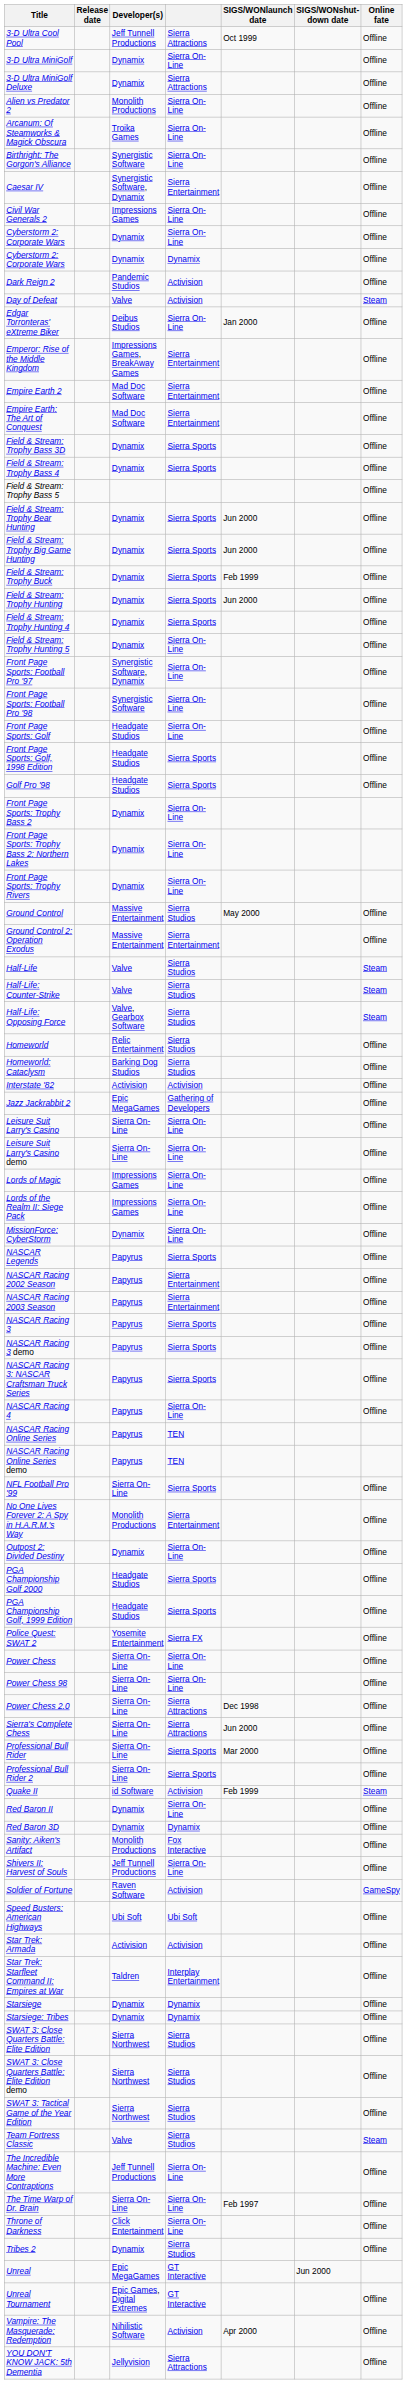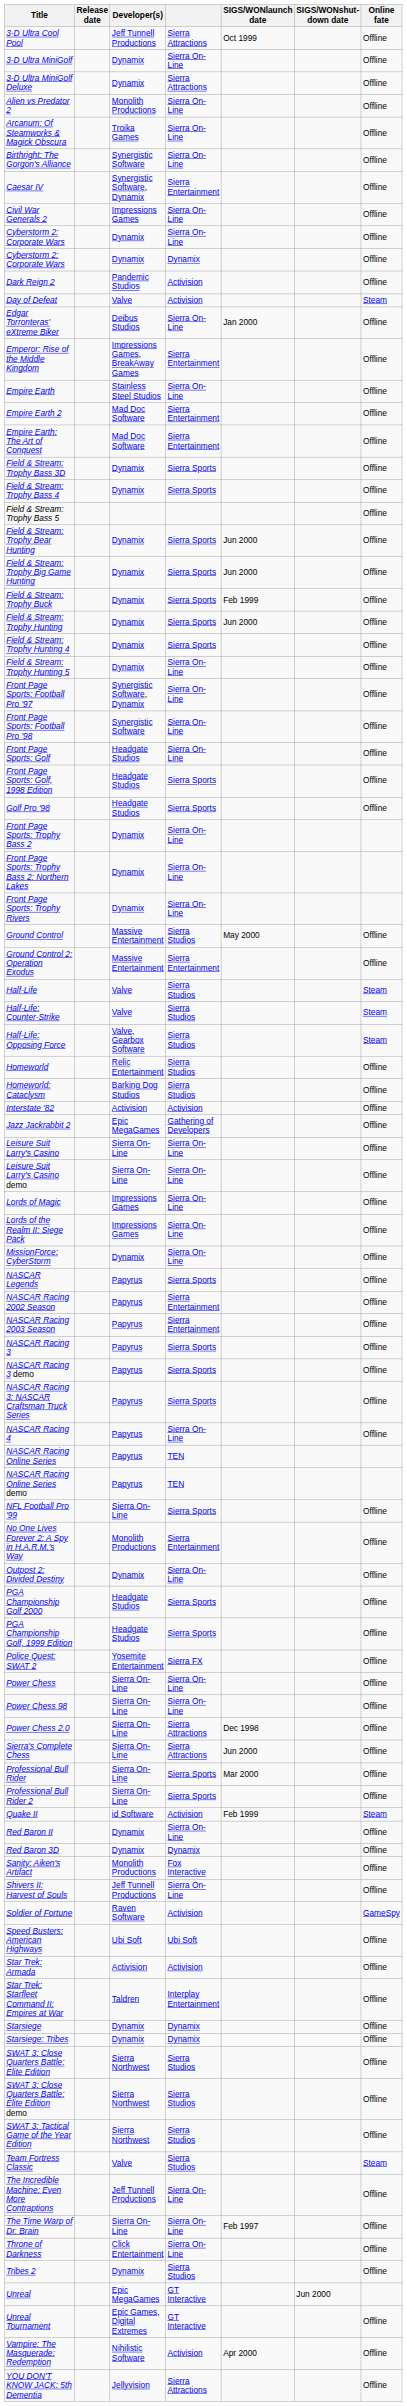 <table class="wikitable sortable">
 <tr>
 <th scope=col style=min-width:8em>Title</th>
 <th scope=col>Release date</th>
 <th scope=col>Developer(s)</th>
 <th scope=col></th>
 <th scope=col>SIGS/WONlaunch date</th>
 <th scope=col>SIGS/WONshut-down date</th>
 <th scope=col>Online fate</th>
 </tr>
 <tr>
 <td><em><a href='#'>3-D Ultra Cool Pool</a></em></td>
 <td></td>
 <td><a href='#'>Jeff Tunnell Productions</a></td>
 <td><a href='#'>Sierra Attractions</a></td>
 <td>Oct 1999</td>
 <td></td>
 <td>Offline</td>
 </tr>
 <tr>
 <td><em><a href='#'>3-D Ultra MiniGolf</a></em></td>
 <td></td>
 <td><a href='#'>Dynamix</a></td>
 <td><a href='#'>Sierra On-Line </a></td>
 <td></td>
 <td></td>
 <td>Offline</td>
 </tr>
 <tr>
 <td><em><a href='#'>3-D Ultra MiniGolf Deluxe</a></em></td>
 <td></td>
 <td><a href='#'>Dynamix</a></td>
 <td><a href='#'>Sierra Attractions</a></td>
 <td></td>
 <td></td>
 <td>Offline</td>
 </tr>
 <tr>
 <td><em><a href='#'>Alien vs Predator 2</a></em></td>
 <td></td>
 <td><a href='#'>Monolith Productions</a></td>
 <td><a href='#'>Sierra On-Line </a></td>
 <td></td>
 <td></td>
 <td>Offline</td>
 </tr>
 <tr>
 <td><em><a href='#'>Arcanum: Of Steamworks & Magick Obscura</a></em></td>
 <td></td>
 <td><a href='#'>Troika Games</a></td>
 <td><a href='#'>Sierra On-Line </a></td>
 <td></td>
 <td></td>
 <td>Offline</td>
 </tr>
 <tr>
 <td><em><a href='#'>Birthright: The Gorgon's Alliance</a></em></td>
 <td></td>
 <td><a href='#'>Synergistic Software</a></td>
 <td><a href='#'>Sierra On-Line </a></td>
 <td></td>
 <td></td>
 <td>Offline</td>
 </tr>
 <tr>
 <td><em><a href='#'>Caesar IV</a></em></td>
 <td></td>
 <td><a href='#'>Synergistic Software</a>, <a href='#'>Dynamix</a></td>
 <td><a href='#'>Sierra Entertainment</a></td>
 <td></td>
 <td></td>
 <td>Offline</td>
 </tr>
 <tr>
 <td><em><a href='#'>Civil War Generals 2</a></em></td>
 <td></td>
 <td><a href='#'>Impressions Games</a></td>
 <td><a href='#'>Sierra On-Line </a></td>
 <td></td>
 <td></td>
 <td>Offline</td>
 </tr>
 <tr>
 <td><em><a href='#'>Cyberstorm 2: Corporate Wars</a></em></td>
 <td></td>
 <td><a href='#'>Dynamix</a></td>
 <td><a href='#'>Sierra On-Line </a></td>
 <td></td>
 <td></td>
 <td>Offline</td>
 </tr>
 <tr>
 <td><em><a href='#'>Cyberstorm 2: Corporate Wars</a></em></td>
 <td></td>
 <td><a href='#'>Dynamix</a></td>
 <td><a href='#'>Dynamix</a></td>
 <td></td>
 <td></td>
 <td>Offline</td>
 </tr>
 <tr>
 <td><em><a href='#'>Dark Reign 2</a></em></td>
 <td></td>
 <td><a href='#'>Pandemic Studios</a></td>
 <td><a href='#'>Activision</a></td>
 <td></td>
 <td></td>
 <td>Offline</td>
 </tr>
 <tr>
 <td><em><a href='#'>Day of Defeat</a></em></td>
 <td></td>
 <td><a href='#'>Valve</a></td>
 <td><a href='#'>Activision</a></td>
 <td></td>
 <td></td>
 <td><a href='#'>Steam</a></td>
 </tr>
 <tr>
 <td><em><a href='#'>Edgar Torronteras' eXtreme Biker</a></em></td>
 <td></td>
 <td><a href='#'>Deibus Studios</a></td>
 <td><a href='#'>Sierra On-Line </a></td>
 <td>Jan 2000</td>
 <td></td>
 <td>Offline</td>
 </tr>
 <tr>
 <td><em><a href='#'>Emperor: Rise of the Middle Kingdom</a></em></td>
 <td></td>
 <td><a href='#'>Impressions Games</a>, <a href='#'>BreakAway Games</a></td>
 <td><a href='#'>Sierra Entertainment</a></td>
+<td></td>
+<td></td>
+<td>Offline</td>
+</tr>
+<tr>
+<td><em><a href='#'>Empire Earth</a></em></td>
+<td></td>
+<td><a href='#'>Stainless Steel Studios</a></td>
+<td><a href='#'>Sierra On-Line </a></td>
 <td></td>
 <td></td>
 <td>Offline</td>
 </tr>
 <tr>
 <td><em><a href='#'>Empire Earth 2</a></em></td>
 <td></td>
 <td><a href='#'>Mad Doc Software</a></td>
 <td><a href='#'>Sierra Entertainment</a></td>
 <td></td>
 <td></td>
 <td>Offline</td>
 </tr>
 <tr>
 <td><em><a href='#'>Empire Earth: The Art of Conquest</a></em></td>
 <td></td>
 <td><a href='#'>Mad Doc Software</a></td>
 <td><a href='#'>Sierra Entertainment</a></td>
 <td></td>
 <td></td>
 <td>Offline</td>
 </tr>
 <tr>
 <td><em><a href='#'>Field & Stream: Trophy Bass 3D</a></em></td>
 <td></td>
 <td><a href='#'>Dynamix</a></td>
 <td><a href='#'>Sierra Sports</a></td>
 <td></td>
 <td></td>
 <td>Offline</td>
 </tr>
 <tr>
 <td><em><a href='#'>Field & Stream: Trophy Bass 4</a></em></td>
 <td></td>
 <td><a href='#'>Dynamix</a></td>
 <td><a href='#'>Sierra Sports</a></td>
 <td></td>
 <td></td>
 <td>Offline</td>
 </tr>
 <tr>
 <td><em>Field & Stream: Trophy Bass 5</em></td>
 <td></td>
 <td></td>
 <td></td>
 <td></td>
 <td></td>
 <td>Offline</td>
 </tr>
 <tr>
 <td><em><a href='#'>Field & Stream: Trophy Bear Hunting</a></em></td>
 <td></td>
 <td><a href='#'>Dynamix</a></td>
 <td><a href='#'>Sierra Sports</a></td>
 <td>Jun 2000</td>
 <td></td>
 <td>Offline</td>
 </tr>
 <tr>
 <td><em><a href='#'>Field & Stream: Trophy Big Game Hunting</a></em></td>
 <td></td>
 <td><a href='#'>Dynamix</a></td>
 <td><a href='#'>Sierra Sports</a></td>
 <td>Jun 2000</td>
 <td></td>
 <td>Offline</td>
 </tr>
 <tr>
 <td><em><a href='#'>Field & Stream: Trophy Buck</a></em></td>
 <td></td>
 <td><a href='#'>Dynamix</a></td>
 <td><a href='#'>Sierra Sports</a></td>
 <td>Feb 1999</td>
 <td></td>
 <td>Offline</td>
 </tr>
 <tr>
 <td><em><a href='#'>Field & Stream: Trophy Hunting</a></em></td>
 <td></td>
 <td><a href='#'>Dynamix</a></td>
 <td><a href='#'>Sierra Sports</a></td>
 <td>Jun 2000</td>
 <td></td>
 <td>Offline</td>
 </tr>
 <tr>
 <td><em><a href='#'>Field & Stream: Trophy Hunting 4</a></em></td>
 <td></td>
 <td><a href='#'>Dynamix</a></td>
 <td><a href='#'>Sierra Sports</a></td>
 <td></td>
 <td></td>
 <td>Offline</td>
 </tr>
 <tr>
 <td><em><a href='#'>Field & Stream: Trophy Hunting 5</a></em></td>
 <td></td>
 <td><a href='#'>Dynamix</a></td>
 <td><a href='#'>Sierra On-Line </a></td>
 <td></td>
 <td></td>
 <td>Offline</td>
 </tr>
 <tr>
 <td><em><a href='#'>Front Page Sports: Football Pro '97</a></em></td>
 <td></td>
 <td><a href='#'>Synergistic Software</a>, <a href='#'>Dynamix</a></td>
 <td><a href='#'>Sierra On-Line </a></td>
 <td></td>
 <td></td>
 <td>Offline</td>
 </tr>
 <tr>
 <td><em><a href='#'>Front Page Sports: Football Pro '98</a></em></td>
 <td></td>
 <td><a href='#'>Synergistic Software</a></td>
 <td><a href='#'>Sierra On-Line </a></td>
 <td></td>
 <td></td>
 <td>Offline</td>
 </tr>
 <tr>
 <td><em><a href='#'>Front Page Sports: Golf</a></em></td>
 <td></td>
 <td><a href='#'>Headgate Studios</a></td>
 <td><a href='#'>Sierra On-Line </a></td>
 <td></td>
 <td></td>
 <td>Offline</td>
 </tr>
 <tr>
 <td><em><a href='#'>Front Page Sports: Golf, 1998 Edition</a></em></td>
 <td></td>
 <td><a href='#'>Headgate Studios</a></td>
 <td><a href='#'>Sierra Sports</a></td>
 <td></td>
 <td></td>
 <td>Offline</td>
 </tr>
 <tr>
 <td><em><a href='#'>Golf Pro '98</a></em></td>
 <td></td>
 <td><a href='#'>Headgate Studios</a></td>
 <td><a href='#'>Sierra Sports</a></td>
 <td></td>
 <td></td>
 <td>Offline</td>
 </tr>
 <tr>
 <td><em><a href='#'>Front Page Sports: Trophy Bass 2</a></em></td>
 <td></td>
 <td><a href='#'>Dynamix</a></td>
 <td><a href='#'>Sierra On-Line </a></td>
 <td></td>
 <td></td>
 <td></td>
 </tr>
 <tr>
 <td><em><a href='#'>Front Page Sports: Trophy Bass 2: Northern Lakes</a></em></td>
 <td></td>
 <td><a href='#'>Dynamix</a></td>
 <td><a href='#'>Sierra On-Line </a></td>
 <td></td>
 <td></td>
 <td></td>
 </tr>
 <tr>
 <td><em><a href='#'>Front Page Sports: Trophy Rivers</a></em></td>
 <td></td>
 <td><a href='#'>Dynamix</a></td>
 <td><a href='#'>Sierra On-Line </a></td>
 <td></td>
 <td></td>
 <td></td>
 </tr>
 <tr>
 <td><em><a href='#'>Ground Control</a></em></td>
 <td></td>
 <td><a href='#'>Massive Entertainment</a></td>
 <td><a href='#'>Sierra Studios</a></td>
 <td>May 2000</td>
 <td></td>
 <td>Offline</td>
 </tr>
 <tr>
 <td><em><a href='#'>Ground Control 2: Operation Exodus</a></em></td>
 <td></td>
 <td><a href='#'>Massive Entertainment</a></td>
 <td><a href='#'>Sierra Entertainment</a></td>
 <td></td>
 <td></td>
 <td>Offline</td>
 </tr>
 <tr>
 <td><em><a href='#'>Half-Life</a></em></td>
 <td></td>
 <td><a href='#'>Valve</a></td>
 <td><a href='#'>Sierra Studios</a></td>
 <td></td>
 <td></td>
 <td><a href='#'>Steam</a></td>
 </tr>
 <tr>
 <td><em><a href='#'>Half-Life: Counter-Strike</a></em></td>
 <td></td>
 <td><a href='#'>Valve</a></td>
 <td><a href='#'>Sierra Studios</a></td>
 <td></td>
 <td></td>
 <td><a href='#'>Steam</a></td>
 </tr>
 <tr>
 <td><em><a href='#'>Half-Life: Opposing Force</a></em></td>
 <td></td>
 <td><a href='#'>Valve</a>, <a href='#'>Gearbox Software</a></td>
 <td><a href='#'>Sierra Studios</a></td>
 <td></td>
 <td></td>
 <td><a href='#'>Steam</a></td>
 </tr>
 <tr>
 <td><em><a href='#'>Homeworld</a></em></td>
 <td></td>
 <td><a href='#'>Relic Entertainment</a></td>
 <td><a href='#'>Sierra Studios</a></td>
 <td></td>
 <td></td>
 <td>Offline</td>
 </tr>
 <tr>
 <td><em><a href='#'>Homeworld: Cataclysm</a></em></td>
 <td></td>
 <td><a href='#'>Barking Dog Studios</a></td>
 <td><a href='#'>Sierra Studios</a></td>
 <td></td>
 <td></td>
 <td>Offline</td>
 </tr>
 <tr>
 <td><em><a href='#'>Interstate '82</a></em></td>
 <td></td>
 <td><a href='#'>Activision</a></td>
 <td><a href='#'>Activision</a></td>
 <td></td>
 <td></td>
 <td>Offline</td>
 </tr>
 <tr>
 <td><em><a href='#'>Jazz Jackrabbit 2</a></em></td>
 <td></td>
 <td><a href='#'>Epic MegaGames</a></td>
 <td><a href='#'>Gathering of Developers</a></td>
 <td></td>
 <td></td>
 <td>Offline</td>
 </tr>
 <tr>
 <td><em><a href='#'>Leisure Suit Larry's Casino</a></em></td>
 <td></td>
 <td><a href='#'>Sierra On-Line </a></td>
 <td><a href='#'>Sierra On-Line </a></td>
 <td></td>
 <td></td>
 <td>Offline</td>
 </tr>
 <tr>
 <td><em><a href='#'>Leisure Suit Larry's Casino</a></em> demo</td>
 <td></td>
 <td><a href='#'>Sierra On-Line </a></td>
 <td><a href='#'>Sierra On-Line </a></td>
 <td></td>
 <td></td>
 <td>Offline</td>
 </tr>
 <tr>
 <td><em><a href='#'>Lords of Magic</a></em></td>
 <td></td>
 <td><a href='#'>Impressions Games</a></td>
 <td><a href='#'>Sierra On-Line </a></td>
 <td></td>
 <td></td>
 <td>Offline</td>
 </tr>
 <tr>
 <td><em><a href='#'>Lords of the Realm II: Siege Pack</a></em></td>
 <td></td>
 <td><a href='#'>Impressions Games</a></td>
 <td><a href='#'>Sierra On-Line </a></td>
 <td></td>
 <td></td>
 <td>Offline</td>
 </tr>
 <tr>
 <td><em><a href='#'>MissionForce: CyberStorm</a></em></td>
 <td></td>
 <td><a href='#'>Dynamix</a></td>
 <td><a href='#'>Sierra On-Line </a></td>
 <td></td>
 <td></td>
 <td>Offline</td>
 </tr>
 <tr>
 <td><em><a href='#'>NASCAR Legends</a></em></td>
 <td></td>
 <td><a href='#'>Papyrus</a></td>
 <td><a href='#'>Sierra Sports</a></td>
 <td></td>
 <td></td>
 <td>Offline</td>
 </tr>
 <tr>
 <td><em><a href='#'>NASCAR Racing 2002 Season</a></em></td>
 <td></td>
 <td><a href='#'>Papyrus</a></td>
 <td><a href='#'>Sierra Entertainment</a></td>
 <td></td>
 <td></td>
 <td>Offline</td>
 </tr>
 <tr>
 <td><em><a href='#'>NASCAR Racing 2003 Season</a></em></td>
 <td></td>
 <td><a href='#'>Papyrus</a></td>
 <td><a href='#'>Sierra Entertainment</a></td>
 <td></td>
 <td></td>
 <td>Offline</td>
 </tr>
 <tr>
 <td><em><a href='#'>NASCAR Racing 3</a></em></td>
 <td></td>
 <td><a href='#'>Papyrus</a></td>
 <td><a href='#'>Sierra Sports</a></td>
 <td></td>
 <td></td>
 <td>Offline</td>
 </tr>
 <tr>
 <td><em><a href='#'>NASCAR Racing 3</a></em> demo</td>
 <td></td>
 <td><a href='#'>Papyrus</a></td>
 <td><a href='#'>Sierra Sports</a></td>
 <td></td>
 <td></td>
 <td>Offline</td>
 </tr>
 <tr>
 <td><em><a href='#'>NASCAR Racing 3: NASCAR Craftsman Truck Series</a></em></td>
 <td></td>
 <td><a href='#'>Papyrus</a></td>
 <td><a href='#'>Sierra Sports</a></td>
 <td></td>
 <td></td>
 <td>Offline</td>
 </tr>
 <tr>
 <td><em><a href='#'>NASCAR Racing 4</a></em></td>
 <td></td>
 <td><a href='#'>Papyrus</a></td>
 <td><a href='#'>Sierra On-Line </a></td>
 <td></td>
 <td></td>
 <td>Offline</td>
 </tr>
 <tr>
 <td><em><a href='#'>NASCAR Racing Online Series</a></em></td>
 <td></td>
 <td><a href='#'>Papyrus</a></td>
 <td><a href='#'>TEN</a></td>
 <td></td>
 <td></td>
 <td></td>
 </tr>
 <tr>
 <td><em><a href='#'>NASCAR Racing Online Series</a></em> demo</td>
 <td></td>
 <td><a href='#'>Papyrus</a></td>
 <td><a href='#'>TEN</a></td>
 <td></td>
 <td></td>
 <td></td>
 </tr>
 <tr>
 <td><em><a href='#'>NFL Football Pro '99</a></em></td>
 <td></td>
 <td><a href='#'>Sierra On-Line </a></td>
 <td><a href='#'>Sierra Sports</a></td>
 <td></td>
 <td></td>
 <td>Offline</td>
 </tr>
 <tr>
 <td><em><a href='#'>No One Lives Forever 2: A Spy in H.A.R.M.'s Way</a></em></td>
 <td></td>
 <td><a href='#'>Monolith Productions</a></td>
 <td><a href='#'>Sierra Entertainment</a></td>
 <td></td>
 <td></td>
 <td>Offline</td>
 </tr>
 <tr>
 <td><em><a href='#'>Outpost 2: Divided Destiny</a></em></td>
 <td></td>
 <td><a href='#'>Dynamix</a></td>
 <td><a href='#'>Sierra On-Line </a></td>
 <td></td>
 <td></td>
 <td>Offline</td>
 </tr>
 <tr>
 <td><em><a href='#'>PGA Championship Golf 2000</a></em></td>
 <td></td>
 <td><a href='#'>Headgate Studios</a></td>
 <td><a href='#'>Sierra Sports</a></td>
 <td></td>
 <td></td>
 <td>Offline</td>
 </tr>
 <tr>
 <td><em><a href='#'>PGA Championship Golf, 1999 Edition</a></em></td>
 <td></td>
 <td><a href='#'>Headgate Studios</a></td>
 <td><a href='#'>Sierra Sports</a></td>
 <td></td>
 <td></td>
 <td>Offline</td>
 </tr>
 <tr>
 <td><em><a href='#'>Police Quest: SWAT 2</a></em></td>
 <td></td>
 <td><a href='#'>Yosemite Entertainment</a></td>
 <td><a href='#'>Sierra FX</a></td>
 <td></td>
 <td></td>
 <td>Offline</td>
 </tr>
 <tr>
 <td><em><a href='#'>Power Chess</a></em></td>
 <td></td>
 <td><a href='#'>Sierra On-Line </a></td>
 <td><a href='#'>Sierra On-Line </a></td>
 <td></td>
 <td></td>
 <td>Offline</td>
 </tr>
 <tr>
 <td><em><a href='#'>Power Chess 98</a></em></td>
 <td></td>
 <td><a href='#'>Sierra On-Line </a></td>
 <td><a href='#'>Sierra On-Line </a></td>
 <td></td>
 <td></td>
 <td>Offline</td>
 </tr>
 <tr>
 <td><em><a href='#'>Power Chess 2.0</a></em></td>
 <td></td>
 <td><a href='#'>Sierra On-Line </a></td>
 <td><a href='#'>Sierra Attractions</a></td>
 <td>Dec 1998</td>
 <td></td>
 <td>Offline</td>
 </tr>
 <tr>
 <td><em><a href='#'>Sierra's Complete Chess</a></em></td>
 <td></td>
 <td><a href='#'>Sierra On-Line </a></td>
 <td><a href='#'>Sierra Attractions</a></td>
 <td>Jun 2000</td>
 <td></td>
 <td>Offline</td>
 </tr>
 <tr>
 <td><em><a href='#'>Professional Bull Rider</a></em></td>
 <td></td>
 <td><a href='#'>Sierra On-Line </a></td>
 <td><a href='#'>Sierra Sports</a></td>
 <td>Mar 2000</td>
 <td></td>
 <td>Offline</td>
 </tr>
 <tr>
 <td><em><a href='#'>Professional Bull Rider 2</a></em></td>
 <td></td>
 <td><a href='#'>Sierra On-Line </a></td>
 <td><a href='#'>Sierra Sports</a></td>
 <td></td>
 <td></td>
 <td>Offline</td>
 </tr>
 <tr>
 <td><em><a href='#'>Quake II</a></em></td>
 <td></td>
 <td><a href='#'>id Software</a></td>
 <td><a href='#'>Activision</a></td>
 <td>Feb 1999</td>
 <td></td>
 <td><a href='#'>Steam</a></td>
 </tr>
 <tr>
 <td><em><a href='#'>Red Baron II</a></em></td>
 <td></td>
 <td><a href='#'>Dynamix</a></td>
 <td><a href='#'>Sierra On-Line </a></td>
 <td></td>
 <td></td>
 <td>Offline</td>
 </tr>
 <tr>
 <td><em><a href='#'>Red Baron 3D</a></em></td>
 <td></td>
 <td><a href='#'>Dynamix</a></td>
 <td><a href='#'>Dynamix</a></td>
 <td></td>
 <td></td>
 <td>Offline</td>
 </tr>
 <tr>
 <td><em><a href='#'>Sanity: Aiken's Artifact</a></em></td>
 <td></td>
 <td><a href='#'>Monolith Productions</a></td>
 <td><a href='#'>Fox Interactive</a></td>
 <td></td>
 <td></td>
 <td>Offline</td>
 </tr>
 <tr>
 <td><em><a href='#'>Shivers II: Harvest of Souls</a></em></td>
 <td></td>
 <td><a href='#'>Jeff Tunnell Productions</a></td>
 <td><a href='#'>Sierra On-Line </a></td>
 <td></td>
 <td></td>
 <td>Offline</td>
 </tr>
 <tr>
 <td><em><a href='#'>Soldier of Fortune</a></em></td>
 <td></td>
 <td><a href='#'>Raven Software</a></td>
 <td><a href='#'>Activision</a></td>
 <td></td>
 <td></td>
 <td><a href='#'>GameSpy</a></td>
 </tr>
 <tr>
 <td><em><a href='#'>Speed Busters: American Highways</a></em></td>
 <td></td>
 <td><a href='#'>Ubi Soft</a></td>
 <td><a href='#'>Ubi Soft</a></td>
 <td></td>
 <td></td>
 <td>Offline</td>
 </tr>
 <tr>
 <td><em><a href='#'>Star Trek: Armada</a></em></td>
 <td></td>
 <td><a href='#'>Activision</a></td>
 <td><a href='#'>Activision</a></td>
 <td></td>
 <td></td>
 <td>Offline</td>
 </tr>
 <tr>
 <td><em><a href='#'>Star Trek: Starfleet Command II: Empires at War</a></em></td>
 <td></td>
 <td><a href='#'>Taldren</a></td>
 <td><a href='#'>Interplay Entertainment</a></td>
 <td></td>
 <td></td>
 <td>Offline</td>
 </tr>
 <tr>
 <td><em><a href='#'>Starsiege</a></em></td>
 <td></td>
 <td><a href='#'>Dynamix</a></td>
 <td><a href='#'>Dynamix</a></td>
 <td></td>
 <td></td>
 <td>Offline</td>
 </tr>
 <tr>
 <td><em><a href='#'>Starsiege: Tribes</a></em></td>
 <td></td>
 <td><a href='#'>Dynamix</a></td>
 <td><a href='#'>Dynamix</a></td>
 <td></td>
 <td></td>
 <td>Offline</td>
 </tr>
 <tr>
 <td><em><a href='#'>SWAT 3: Close Quarters Battle: Elite Edition</a></em></td>
 <td></td>
 <td><a href='#'>Sierra Northwest</a></td>
 <td><a href='#'>Sierra Studios</a></td>
 <td></td>
 <td></td>
 <td>Offline</td>
 </tr>
 <tr>
 <td><em><a href='#'>SWAT 3: Close Quarters Battle: Elite Edition</a></em> demo</td>
 <td></td>
 <td><a href='#'>Sierra Northwest</a></td>
 <td><a href='#'>Sierra Studios</a></td>
 <td></td>
 <td></td>
 <td>Offline</td>
 </tr>
 <tr>
 <td><em><a href='#'>SWAT 3: Tactical Game of the Year Edition</a></em></td>
 <td></td>
 <td><a href='#'>Sierra Northwest</a></td>
 <td><a href='#'>Sierra Studios</a></td>
 <td></td>
 <td></td>
 <td>Offline</td>
 </tr>
 <tr>
 <td><em><a href='#'>Team Fortress Classic</a></em></td>
 <td></td>
 <td><a href='#'>Valve</a></td>
 <td><a href='#'>Sierra Studios</a></td>
 <td></td>
 <td></td>
 <td><a href='#'>Steam</a></td>
 </tr>
 <tr>
 <td><em><a href='#'>The Incredible Machine: Even More Contraptions</a></em></td>
 <td></td>
 <td><a href='#'>Jeff Tunnell Productions</a></td>
 <td><a href='#'>Sierra On-Line </a></td>
 <td></td>
 <td></td>
 <td>Offline</td>
 </tr>
 <tr>
 <td><em><a href='#'>The Time Warp of Dr. Brain</a></em></td>
 <td></td>
 <td><a href='#'>Sierra On-Line </a></td>
 <td><a href='#'>Sierra On-Line </a></td>
 <td>Feb 1997</td>
 <td></td>
 <td>Offline</td>
 </tr>
 <tr>
 <td><em><a href='#'>Throne of Darkness</a></em></td>
 <td></td>
 <td><a href='#'>Click Entertainment</a></td>
 <td><a href='#'>Sierra On-Line </a></td>
 <td></td>
 <td></td>
 <td>Offline</td>
 </tr>
 <tr>
 <td><em><a href='#'>Tribes 2</a></em></td>
 <td></td>
 <td><a href='#'>Dynamix</a></td>
 <td><a href='#'>Sierra Studios</a></td>
 <td></td>
 <td></td>
 <td>Offline</td>
 </tr>
 <tr>
 <td><em><a href='#'>Unreal</a></em></td>
 <td></td>
 <td><a href='#'>Epic MegaGames</a></td>
 <td><a href='#'>GT Interactive</a></td>
 <td></td>
 <td>Jun 2000</td>
 <td></td>
 </tr>
 <tr>
 <td><em><a href='#'>Unreal Tournament</a></em></td>
 <td></td>
 <td><a href='#'>Epic Games</a>, <a href='#'>Digital Extremes</a></td>
 <td><a href='#'>GT Interactive</a></td>
 <td></td>
 <td></td>
 <td>Offline</td>
 </tr>
 <tr>
 <td><em><a href='#'>Vampire: The Masquerade: Redemption</a></em></td>
 <td></td>
 <td><a href='#'>Nihilistic Software</a></td>
 <td><a href='#'>Activision</a></td>
 <td>Apr 2000</td>
 <td></td>
 <td>Offline</td>
 </tr>
 <tr>
 <td><em><a href='#'>YOU DON'T KNOW JACK: 5th Dementia</a></em></td>
 <td></td>
 <td><a href='#'>Jellyvision</a></td>
 <td><a href='#'>Sierra Attractions</a></td>
 <td></td>
 <td></td>
 <td>Offline</td>
 </tr>
 </table>
